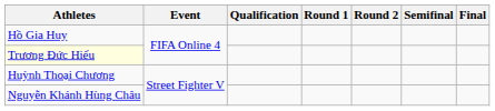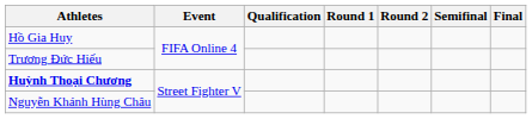 <table class=wikitable style="text-align:center; font-size:90%">
 <tr>
 <th>Athletes</th>
 <th>Event</th>
 <th>Qualification</th>
 <th>Round 1</th>
 <th>Round 2</th>
 <th>Semifinal</th>
 <th>Final</th>
 </tr>
 <tr>
 <td align="left"><a href='#'>Hồ Gia Huy</a></td>
 <td rowspan="2"><a href='#'>FIFA Online 4</a></td>
 <td></td>
 <td></td>
 <td></td>
 <td></td>
 <td></td>
 </tr>
 <tr>
-<td align="left" style="background: lightyellow;"><a href='#'>Trương Đức Hiếu</a></td>
+<td align="left"><a href='#'>Trương Đức Hiếu</a></td>
 <td></td>
 <td></td>
 <td></td>
 <td></td>
 <td></td>
 </tr>
 <tr>
-<td align="left"><a href='#'>Huỳnh Thoại Chương</a></td>
+<td align="left"><strong><a href='#'>Huỳnh Thoại Chương</a></strong></td>
 <td rowspan="2"><a href='#'>Street Fighter V</a></td>
 <td></td>
 <td></td>
 <td></td>
 <td></td>
 <td></td>
 </tr>
 <tr>
 <td align="left"><a href='#'>Nguyễn Khánh Hùng Châu</a></td>
 <td></td>
 <td></td>
 <td></td>
 <td></td>
 <td></td>
 </tr>
 </table>
